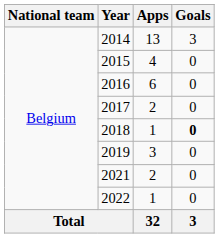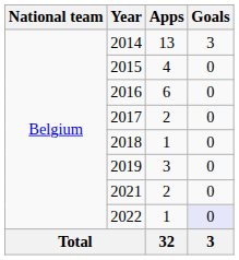 <table class="wikitable" style="text-align: center;">
 <tr>
 <th>National team</th>
 <th>Year</th>
 <th>Apps</th>
 <th>Goals</th>
 </tr>
 <tr>
 <td rowspan="8"><a href='#'>Belgium</a></td>
 <td>2014</td>
 <td>13</td>
 <td>3</td>
 </tr>
 <tr>
 <td>2015</td>
 <td>4</td>
 <td>0</td>
 </tr>
 <tr>
 <td>2016</td>
 <td>6</td>
 <td>0</td>
 </tr>
 <tr>
 <td>2017</td>
 <td>2</td>
 <td>0</td>
 </tr>
 <tr>
 <td>2018</td>
 <td>1</td>
-<td><strong>0</strong></td>
+<td>0</td>
 </tr>
 <tr>
 <td>2019</td>
 <td>3</td>
 <td>0</td>
 </tr>
 <tr>
 <td>2021</td>
 <td>2</td>
 <td>0</td>
 </tr>
 <tr>
 <td>2022</td>
 <td>1</td>
-<td>0</td>
+<td style="background: lavender;">0</td>
 </tr>
 <tr>
 <th colspan="2">Total</th>
 <th>32</th>
 <th>3</th>
 </tr>
 </table>
